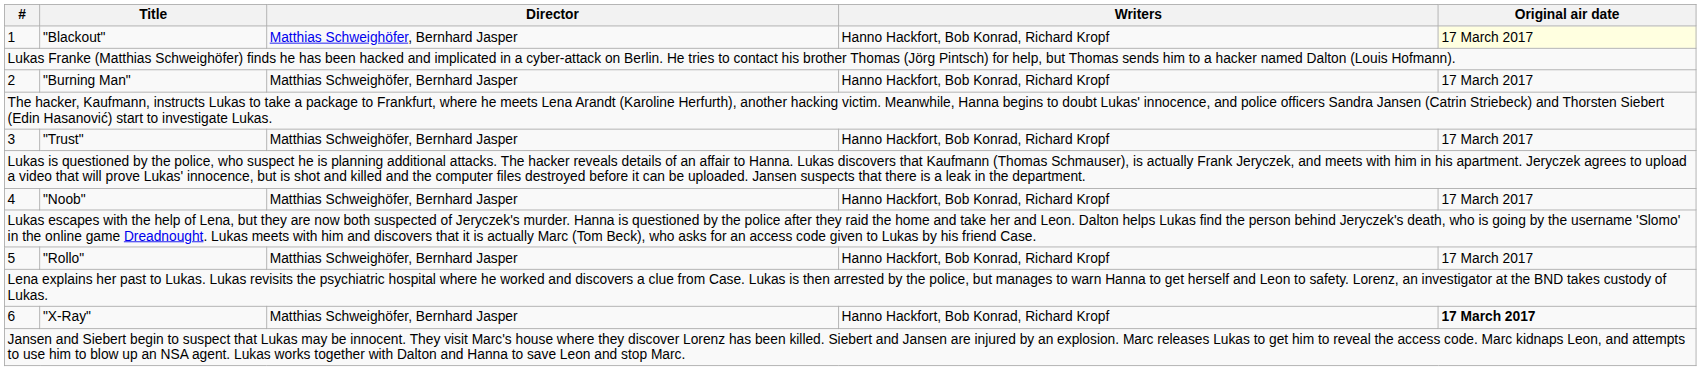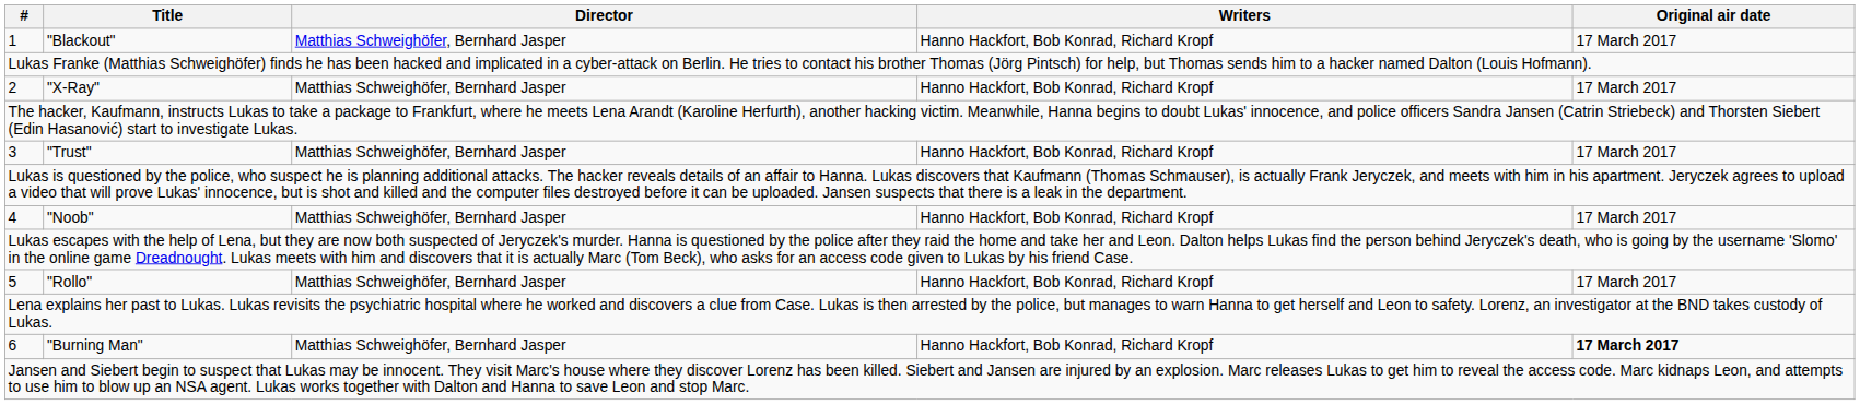 <table class="wikitable">
 <tr>
 <th>#</th>
 <th>Title</th>
 <th>Director</th>
 <th>Writers</th>
 <th>Original air date</th>
 </tr>
 <tr>
 <td>1</td>
 <td>"Blackout"</td>
 <td><a href='#'>Matthias Schweighöfer</a>, Bernhard Jasper</td>
 <td>Hanno Hackfort, Bob Konrad, Richard Kropf</td>
-<td style="background: lightyellow;">17 March 2017</td>
+<td>17 March 2017</td>
 </tr>
 <tr>
 <td colspan="5">Lukas Franke (Matthias Schweighöfer) finds he has been hacked and implicated in a cyber-attack on Berlin. He tries to contact his brother Thomas (Jörg Pintsch) for help, but Thomas sends him to a hacker named Dalton (Louis Hofmann).</td>
 </tr>
 <tr>
 <td>2</td>
-<td>"Burning Man"</td>
+<td>"X-Ray"</td>
 <td>Matthias Schweighöfer, Bernhard Jasper</td>
 <td>Hanno Hackfort, Bob Konrad, Richard Kropf</td>
 <td>17 March 2017</td>
 </tr>
 <tr>
 <td colspan="5">The hacker, Kaufmann, instructs Lukas to take a package to Frankfurt, where he meets Lena Arandt (Karoline Herfurth), another hacking victim. Meanwhile, Hanna begins to doubt Lukas' innocence, and police officers Sandra Jansen (Catrin Striebeck) and Thorsten Siebert (Edin Hasanović) start to investigate Lukas.</td>
 </tr>
 <tr>
 <td>3</td>
 <td>"Trust"</td>
 <td>Matthias Schweighöfer, Bernhard Jasper</td>
 <td>Hanno Hackfort, Bob Konrad, Richard Kropf</td>
 <td>17 March 2017</td>
 </tr>
 <tr>
 <td colspan="5">Lukas is questioned by the police, who suspect he is planning additional attacks. The hacker reveals details of an affair to Hanna. Lukas discovers that Kaufmann (Thomas Schmauser), is actually Frank Jeryczek, and meets with him in his apartment. Jeryczek agrees to upload a video that will prove Lukas' innocence, but is shot and killed and the computer files destroyed before it can be uploaded. Jansen suspects that there is a leak in the department.</td>
 </tr>
 <tr>
 <td>4</td>
 <td>"Noob"</td>
 <td>Matthias Schweighöfer, Bernhard Jasper</td>
 <td>Hanno Hackfort, Bob Konrad, Richard Kropf</td>
 <td>17 March 2017</td>
 </tr>
 <tr>
 <td colspan="5">Lukas escapes with the help of Lena, but they are now both suspected of Jeryczek's murder. Hanna is questioned by the police after they raid the home and take her and Leon. Dalton helps Lukas find the person behind Jeryczek's death, who is going by the username 'Slomo' in the online game <a href='#'>Dreadnought</a>. Lukas meets with him and discovers that it is actually Marc (Tom Beck), who asks for an access code given to Lukas by his friend Case.</td>
 </tr>
 <tr>
 <td>5</td>
 <td>"Rollo"</td>
 <td>Matthias Schweighöfer, Bernhard Jasper</td>
 <td>Hanno Hackfort, Bob Konrad, Richard Kropf</td>
 <td>17 March 2017</td>
 </tr>
 <tr>
 <td colspan="5">Lena explains her past to Lukas. Lukas revisits the psychiatric hospital where he worked and discovers a clue from Case.  Lukas is then arrested by the police, but manages to warn Hanna to get herself and Leon to safety. Lorenz, an investigator at the BND takes custody of Lukas.</td>
 </tr>
 <tr>
 <td>6</td>
-<td>"X-Ray"</td>
+<td>"Burning Man"</td>
 <td>Matthias Schweighöfer, Bernhard Jasper</td>
 <td>Hanno Hackfort, Bob Konrad, Richard Kropf</td>
 <td><strong>17 March 2017</strong></td>
 </tr>
 <tr>
 <td colspan="5">Jansen and Siebert begin to suspect that Lukas may be innocent. They visit Marc's house where they discover Lorenz has been killed. Siebert and Jansen are injured by an explosion. Marc releases Lukas to get him to reveal the access code. Marc kidnaps Leon, and attempts to use him to blow up an NSA agent. Lukas works together with Dalton and Hanna to save Leon and stop Marc.</td>
 </tr>
 </table>
